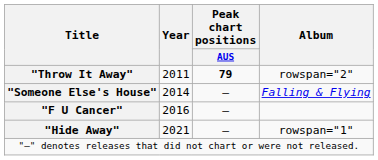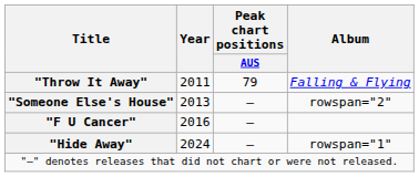 <table class="wikitable plainrowheaders" style="text-align:center;">
 <tr>
 <th scope="col" rowspan="2">Title</th>
 <th scope="col" rowspan="2">Year</th>
 <th scope="col" colspan="1">Peak chart positions</th>
 <th scope="col" rowspan="2">Album</th>
 </tr>
 <tr style="font-size:smaller;">
 <th style="width:30px;"><a href='#'>AUS</a><br></th>
 </tr>
 <tr>
 <th scope="row">"Throw It Away"<br></th>
 <td>2011</td>
-<td><strong>79</strong></td>
-<td>rowspan="2" </td>
+<td>79</td>
+<td><em><a href='#'>Falling & Flying</a></em></td>
 </tr>
 <tr>
 <th scope="row">"Someone Else's House"<br></th>
-<td>2014</td>
+<td>2013</td>
 <td>—</td>
-<td><em><a href='#'>Falling & Flying</a></em></td>
+<td>rowspan="2" </td>
 </tr>
 <tr>
 <th scope="row">"F U Cancer"<br></th>
 <td>2016</td>
 <td>—</td>
 </tr>
 <tr>
 <th scope="row">"Hide Away"<br></th>
-<td>2021</td>
+<td>2024</td>
 <td>—</td>
 <td>rowspan="1" </td>
 </tr>
 <tr>
 <td colspan="20" style="font-size:8pt">"—" denotes releases that did not chart or were not released.</td>
 </tr>
 </table>
